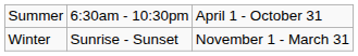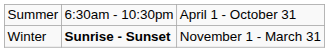 <table class="wikitable">
 <tr>
 <td>Summer</td>
 <td>6:30am - 10:30pm</td>
 <td>April 1 - October 31</td>
 </tr>
 <tr>
 <td>Winter</td>
-<td>Sunrise - Sunset</td>
+<td><strong>Sunrise - Sunset</strong></td>
 <td>November 1 - March 31</td>
 </tr>
 </table>
